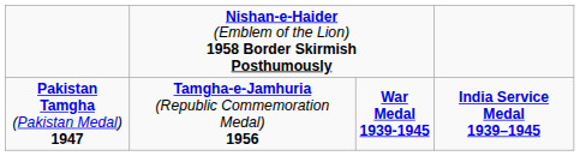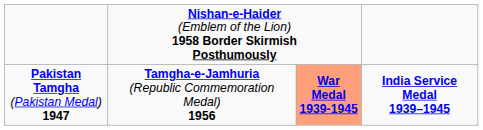 <table class="wikitable" style="margin:1em auto; text-align:center;">
 <tr>
 <td></td>
 <td colspan="2"><strong><a href='#'>Nishan-e-Haider</a></strong><br><em>(Emblem of the Lion)</em><br><strong>1958 Border Skirmish</strong><br><strong><u>Posthumously</u></strong></td>
 <td></td>
 </tr>
 <tr>
 <td><strong><a href='#'>Pakistan Tamgha</a></strong><br><em>(<a href='#'>Pakistan Medal</a>)</em><br><strong>1947</strong></td>
 <td><strong><a href='#'>Tamgha-e-Jamhuria</a></strong><br><em>(Republic Commemoration Medal)</em><br><strong>1956</strong></td>
-<td><strong><a href='#'>War Medal</a></strong><br><strong><a href='#'>1939-1945</a></strong></td>
+<td style="background: lightsalmon;"><strong><a href='#'>War Medal</a></strong><br><strong><a href='#'>1939-1945</a></strong></td>
 <td><strong><a href='#'>India Service Medal</a></strong><br><a href='#'><strong>1939–1945</strong></a></td>
 </tr>
 </table>
